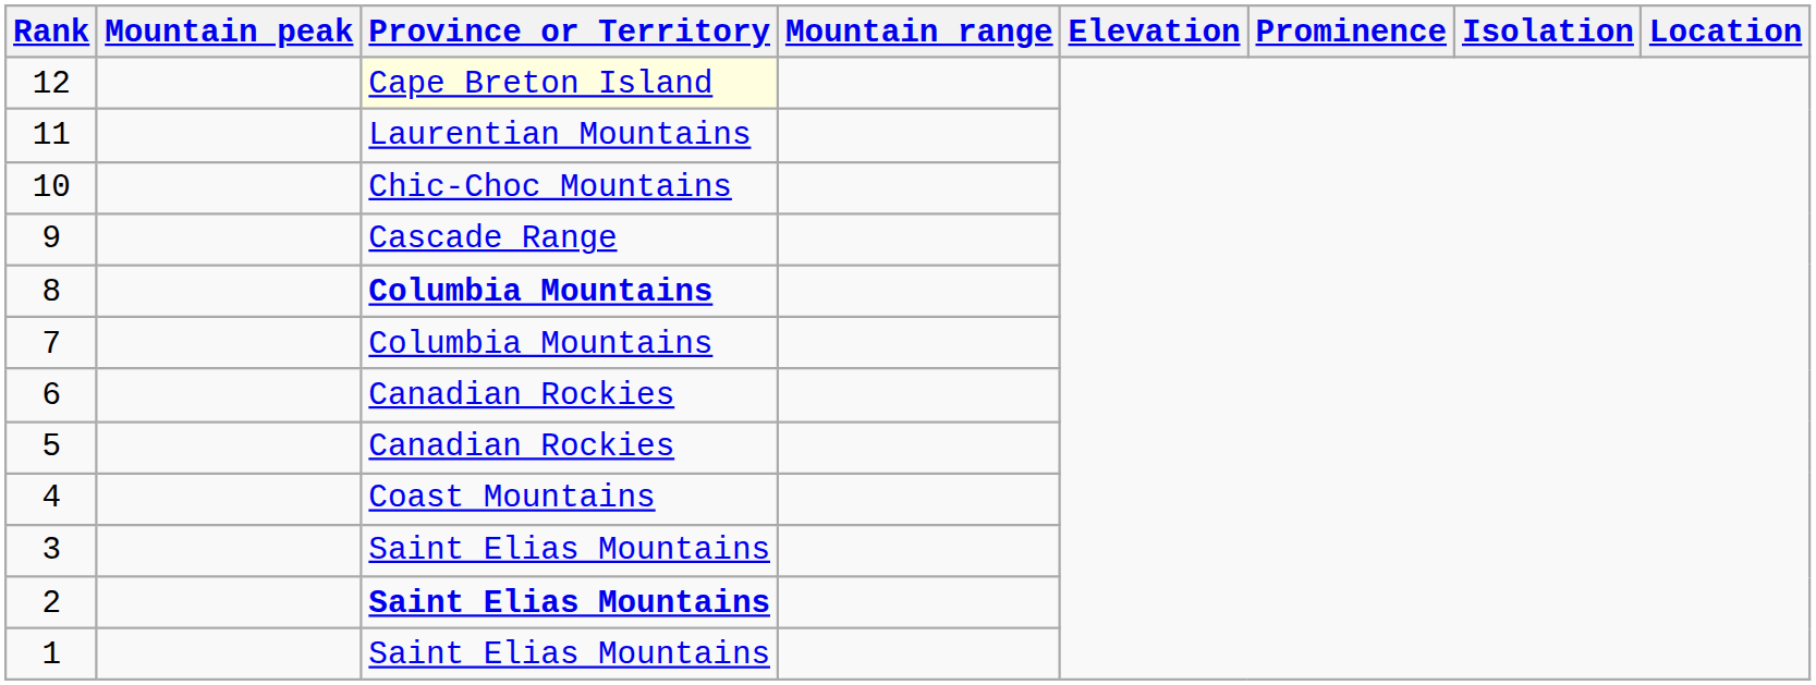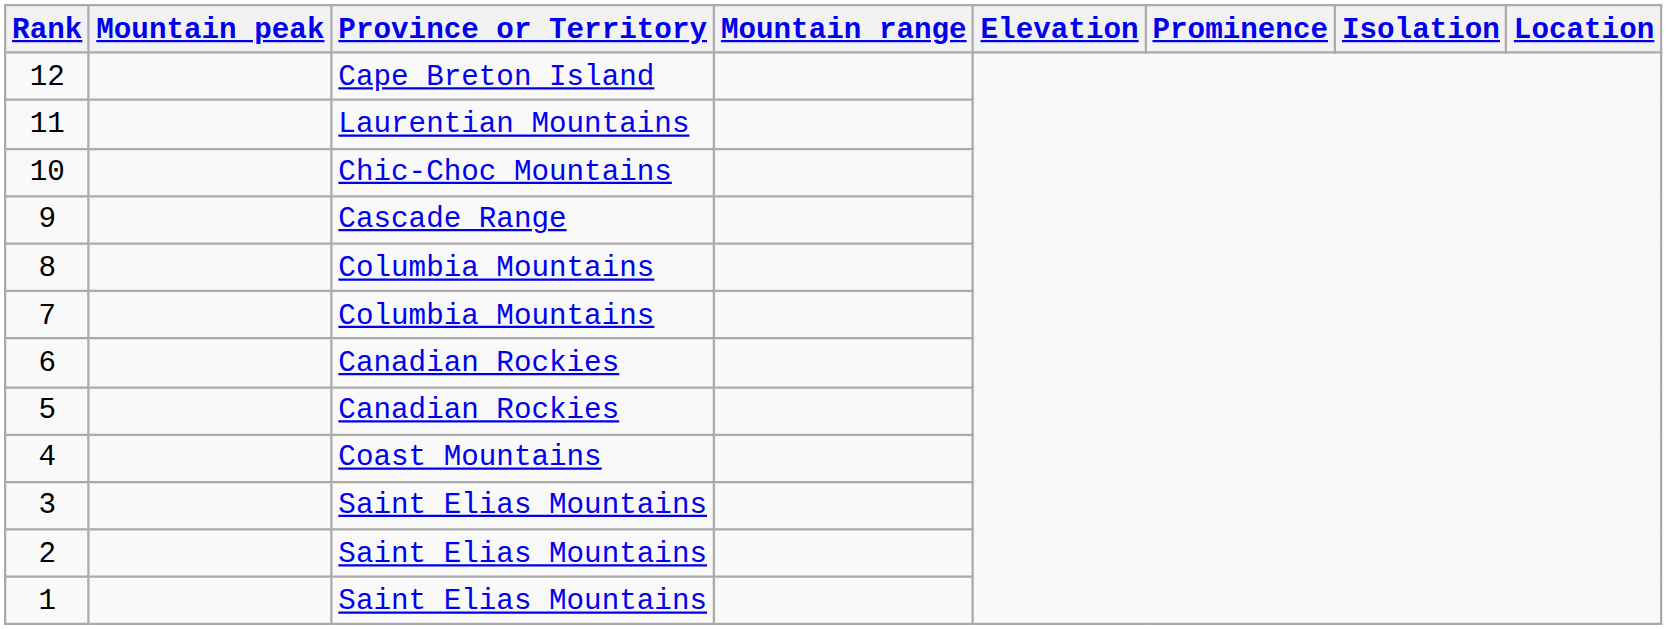 <table class="wikitable sortable">
 <tr>
 <th><a href='#'>Rank</a></th>
 <th><a href='#'>Mountain peak</a></th>
 <th><a href='#'>Province or Territory</a></th>
 <th><a href='#'>Mountain range</a></th>
 <th><a href='#'>Elevation</a></th>
 <th><a href='#'>Prominence</a></th>
 <th><a href='#'>Isolation</a></th>
 <th><a href='#'>Location</a></th>
 </tr>
 <tr>
 <td align=center>12<br></td>
 <td></td>
-<td style="background: lightyellow;"><a href='#'>Cape Breton Island</a><br></td>
+<td><a href='#'>Cape Breton Island</a><br></td>
 <td></td>
 </tr>
 <tr>
 <td align=center>11<br></td>
 <td></td>
 <td><a href='#'>Laurentian Mountains</a><br></td>
 <td></td>
 </tr>
 <tr>
 <td align=center>10<br></td>
 <td></td>
 <td><a href='#'>Chic-Choc Mountains</a><br></td>
 <td></td>
 </tr>
 <tr>
 <td align=center>9<br></td>
 <td></td>
 <td><a href='#'>Cascade Range</a><br></td>
 <td></td>
 </tr>
 <tr>
 <td align=center>8<br></td>
 <td></td>
-<td><strong><a href='#'>Columbia Mountains</a><br></strong></td>
+<td><a href='#'>Columbia Mountains</a><br></td>
 <td></td>
 </tr>
 <tr>
 <td align=center>7<br></td>
 <td></td>
 <td><a href='#'>Columbia Mountains</a><br></td>
 <td></td>
 </tr>
 <tr>
 <td align=center>6<br></td>
 <td></td>
 <td><a href='#'>Canadian Rockies</a><br></td>
 <td></td>
 </tr>
 <tr>
 <td align=center>5<br></td>
 <td><br></td>
 <td><a href='#'>Canadian Rockies</a><br></td>
 <td></td>
 </tr>
 <tr>
 <td align=center>4<br></td>
 <td></td>
 <td><a href='#'>Coast Mountains</a><br></td>
 <td></td>
 </tr>
 <tr>
 <td align=center>3<br></td>
 <td><br></td>
 <td><a href='#'>Saint Elias Mountains</a><br></td>
 <td></td>
 </tr>
 <tr>
 <td align=center>2<br></td>
 <td><br></td>
-<td><strong><a href='#'>Saint Elias Mountains</a><br></strong></td>
+<td><a href='#'>Saint Elias Mountains</a><br></td>
 <td></td>
 </tr>
 <tr>
 <td align=center>1<br></td>
 <td></td>
 <td><a href='#'>Saint Elias Mountains</a><br></td>
 <td></td>
 </tr>
 </table>
